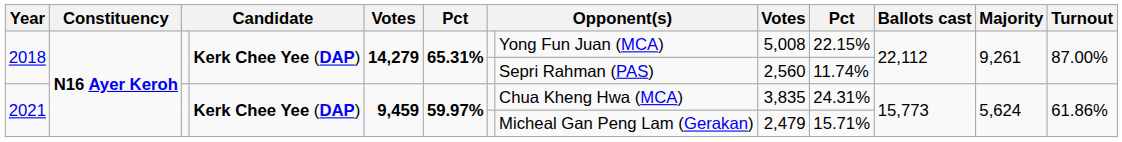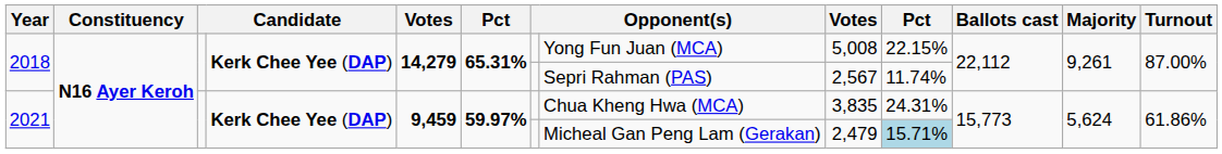 <table class="wikitable" style="margin:0.5em ; font-size:95%">
 <tr>
 <th>Year</th>
 <th>Constituency</th>
 <th colspan=2>Candidate</th>
 <th>Votes</th>
 <th>Pct</th>
 <th colspan=2>Opponent(s)</th>
 <th>Votes</th>
 <th>Pct</th>
 <th>Ballots cast</th>
 <th>Majority</th>
 <th>Turnout</th>
 </tr>
 <tr>
 <td rowspan=2><a href='#'>2018</a></td>
 <td rowspan=4><strong>N16 <a href='#'>Ayer Keroh</a></strong></td>
 <td rowspan=2 ></td>
 <td rowspan=2><strong>Kerk Chee Yee</strong> (<a href='#'><strong>DAP</strong></a>)</td>
 <td rowspan=2 align="right"><strong>14,279</strong></td>
 <td rowspan=2><strong>65.31%</strong></td>
 <td></td>
 <td>Yong Fun Juan (<a href='#'>MCA</a>)</td>
 <td align="right">5,008</td>
 <td>22.15%</td>
 <td rowspan=2>22,112</td>
 <td rowspan=2>9,261</td>
 <td rowspan=2>87.00%</td>
 </tr>
 <tr>
 <td></td>
 <td>Sepri Rahman (<a href='#'>PAS</a>)</td>
-<td align="right">2,560</td>
+<td align="right">2,567</td>
 <td>11.74%</td>
 </tr>
 <tr>
 <td rowspan=2><a href='#'>2021</a></td>
 <td rowspan=2 ></td>
 <td rowspan=2><strong>Kerk Chee Yee</strong> (<a href='#'><strong>DAP</strong></a>)</td>
 <td rowspan=2 align="right"><strong>9,459</strong></td>
 <td rowspan=2><strong>59.97%</strong></td>
 <td></td>
 <td>Chua Kheng Hwa (<a href='#'>MCA</a>)</td>
 <td align="right">3,835</td>
 <td>24.31%</td>
 <td rowspan=2>15,773</td>
 <td rowspan=2>5,624</td>
 <td rowspan=2>61.86%</td>
 </tr>
 <tr>
 <td></td>
 <td>Micheal Gan Peng Lam (<a href='#'>Gerakan</a>)</td>
 <td align="right">2,479</td>
-<td>15.71%</td>
+<td style="background: lightblue;">15.71%</td>
 </tr>
 </table>
